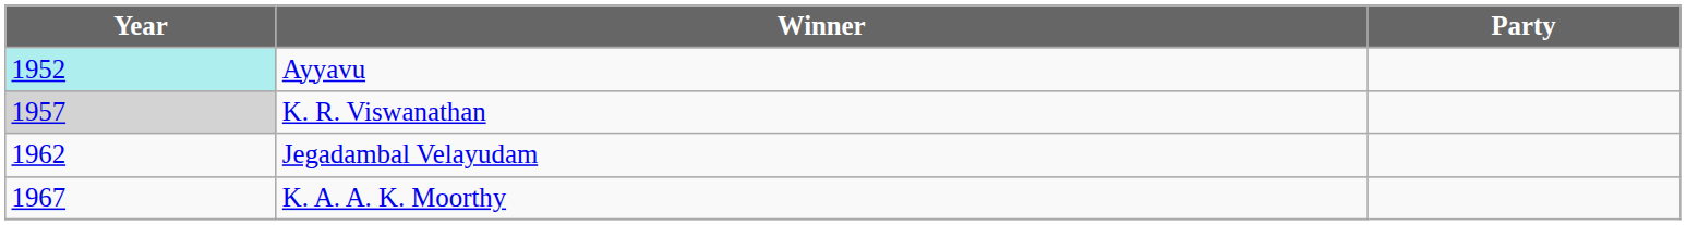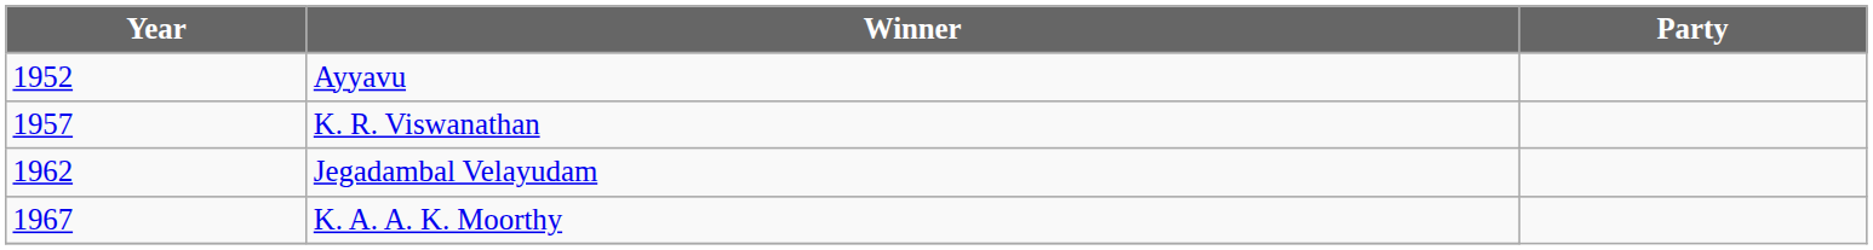 <table class="wikitable" width="50%">
 <tr>
 <th style="background-color:#666666; color:white">Year</th>
 <th style="background-color:#666666; color:white">Winner</th>
 <th style="background-color:#666666; color:white" colspan="2">Party</th>
 </tr>
 <tr>
-<td style="background: paleturquoise;"><a href='#'>1952</a></td>
+<td><a href='#'>1952</a></td>
 <td><a href='#'>Ayyavu</a></td>
 <td></td>
 </tr>
 <tr>
-<td style="background: lightgrey;"><a href='#'>1957</a></td>
+<td><a href='#'>1957</a></td>
 <td><a href='#'>K. R. Viswanathan</a></td>
 <td></td>
 </tr>
 <tr>
 <td><a href='#'>1962</a></td>
 <td><a href='#'>Jegadambal Velayudam</a></td>
 <td></td>
 </tr>
 <tr>
 <td><a href='#'>1967</a></td>
 <td><a href='#'>K. A. A. K. Moorthy</a></td>
 </tr>
 <tr>
 </tr>
 </table>
